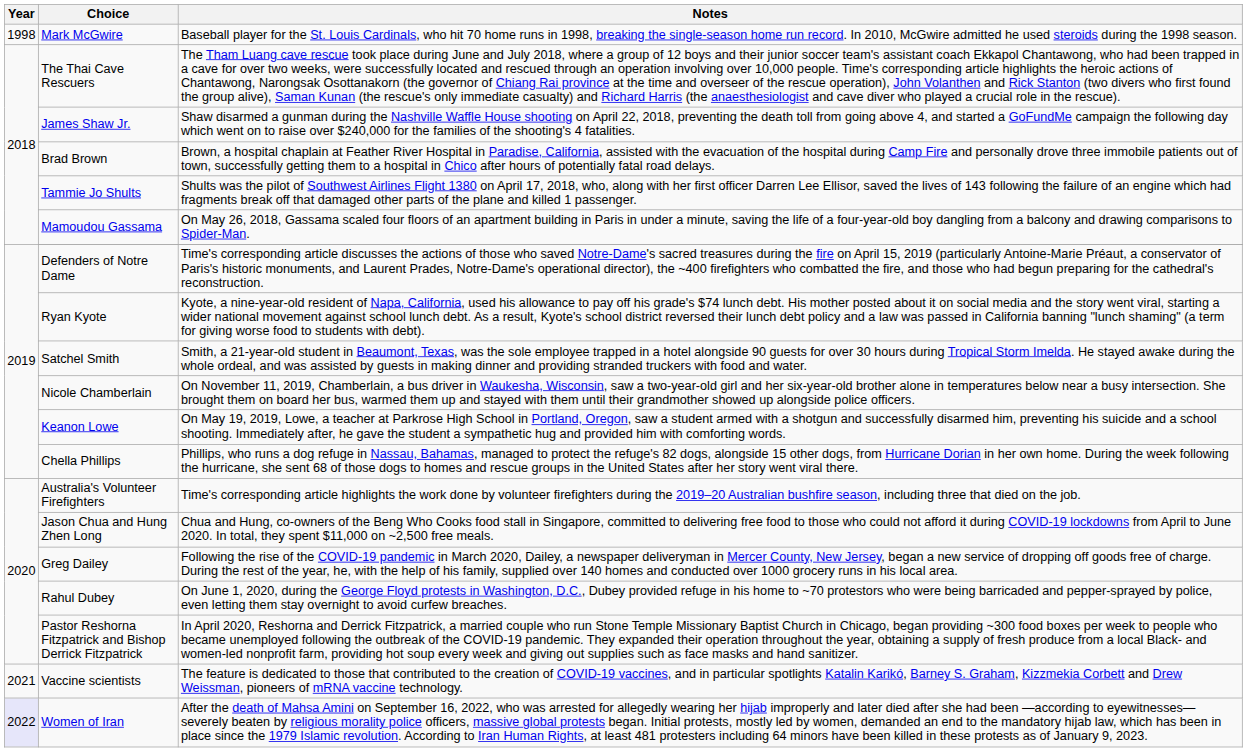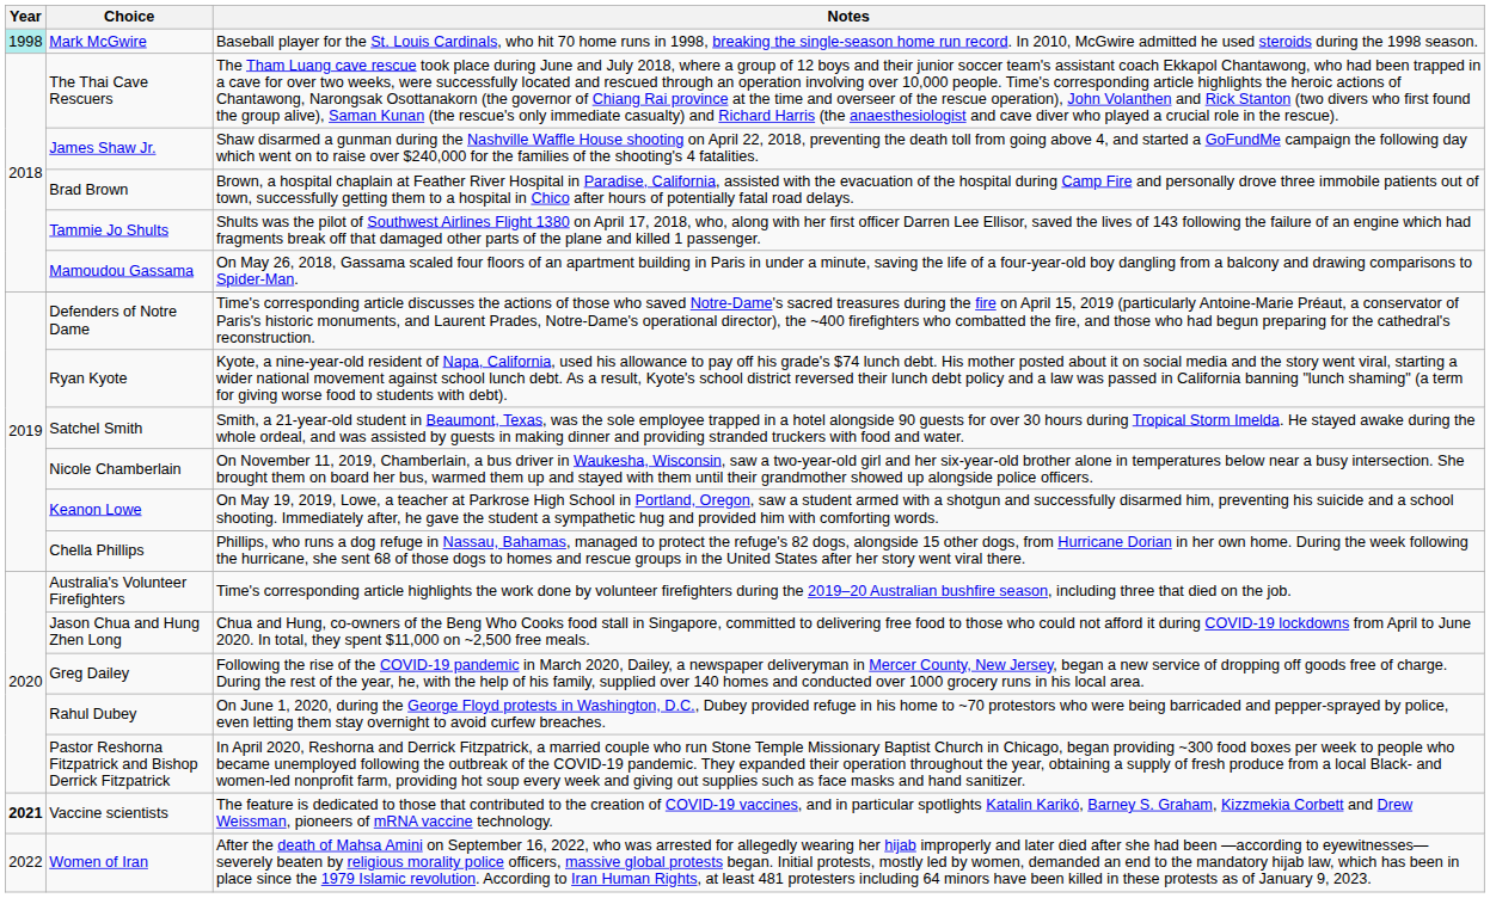 <table class="wikitable">
 <tr>
 <th>Year</th>
 <th>Choice</th>
 <th>Notes</th>
 </tr>
 <tr>
-<td>1998</td>
+<td style="background: paleturquoise;">1998</td>
 <td><a href='#'>Mark McGwire</a></td>
 <td>Baseball player for the <a href='#'>St. Louis Cardinals</a>, who hit 70 home runs in 1998, <a href='#'>breaking the single-season home run record</a>. In 2010, McGwire admitted he used <a href='#'>steroids</a> during the 1998 season.</td>
 </tr>
 <tr>
 <td rowspan="5">2018</td>
 <td>The Thai Cave Rescuers</td>
 <td>The <a href='#'>Tham Luang cave rescue</a> took place during June and July 2018, where a group of 12 boys and their junior soccer team's assistant coach Ekkapol Chantawong, who had been trapped in a cave for over two weeks, were successfully located and rescued through an operation involving over 10,000 people. Time's corresponding article highlights the heroic actions of Chantawong, Narongsak Osottanakorn (the governor of <a href='#'>Chiang Rai province</a> at the time and overseer of the rescue operation), <a href='#'>John Volanthen</a> and <a href='#'>Rick Stanton</a> (two divers who first found the group alive), <a href='#'>Saman Kunan</a> (the rescue's only immediate casualty) and <a href='#'>Richard Harris</a> (the <a href='#'>anaesthesiologist</a> and cave diver who played a crucial role in the rescue).</td>
 </tr>
 <tr>
 <td><a href='#'>James Shaw Jr.</a></td>
 <td>Shaw disarmed a gunman during the <a href='#'>Nashville Waffle House shooting</a> on April 22, 2018, preventing the death toll from going above 4, and started a <a href='#'>GoFundMe</a> campaign the following day which went on to raise over $240,000 for the families of the shooting's 4 fatalities.</td>
 </tr>
 <tr>
 <td>Brad Brown</td>
 <td>Brown, a hospital chaplain at Feather River Hospital in <a href='#'>Paradise, California</a>, assisted with the evacuation of the hospital during <a href='#'>Camp Fire</a> and personally drove three immobile patients out of town, successfully getting them to a hospital in <a href='#'>Chico</a> after hours of potentially fatal road delays.</td>
 </tr>
 <tr>
 <td><a href='#'>Tammie Jo Shults</a></td>
 <td>Shults was the pilot of <a href='#'>Southwest Airlines Flight 1380</a> on April 17, 2018, who, along with her first officer Darren Lee Ellisor, saved the lives of 143 following the failure of an engine which had fragments break off that damaged other parts of the plane and killed 1 passenger.</td>
 </tr>
 <tr>
 <td><a href='#'>Mamoudou Gassama</a></td>
 <td>On May 26, 2018, Gassama scaled four floors of an apartment building in Paris in under a minute, saving the life of a four-year-old boy dangling from a balcony and drawing comparisons to <a href='#'>Spider-Man</a>.</td>
 </tr>
 <tr>
 <td rowspan="7">2019</td>
 </tr>
 <tr>
 <td>Defenders of Notre Dame</td>
 <td>Time's corresponding article discusses the actions of those who saved <a href='#'>Notre-Dame</a>'s sacred treasures during the <a href='#'>fire</a> on April 15, 2019 (particularly Antoine-Marie Préaut, a conservator of Paris's historic monuments, and Laurent Prades, Notre-Dame's operational director), the ~400 firefighters who combatted the fire, and those who had begun preparing for the cathedral's reconstruction.</td>
 </tr>
 <tr>
 <td>Ryan Kyote</td>
 <td>Kyote, a nine-year-old resident of <a href='#'>Napa, California</a>, used his allowance to pay off his grade's $74 lunch debt. His mother posted about it on social media and the story went viral, starting a wider national movement against school lunch debt. As a result, Kyote's school district reversed their lunch debt policy and a law was passed in California banning "lunch shaming" (a term for giving worse food to students with debt).</td>
 </tr>
 <tr>
 <td>Satchel Smith</td>
 <td>Smith, a 21-year-old student in <a href='#'>Beaumont, Texas</a>, was the sole employee trapped in a hotel alongside 90 guests for over 30 hours during <a href='#'>Tropical Storm Imelda</a>. He stayed awake during the whole ordeal, and was assisted by guests in making dinner and providing stranded truckers with food and water.</td>
 </tr>
 <tr>
 <td>Nicole Chamberlain</td>
 <td>On November 11, 2019, Chamberlain, a bus driver in <a href='#'>Waukesha, Wisconsin</a>, saw a two-year-old girl and her six-year-old brother alone in temperatures below  near a busy intersection. She brought them on board her bus, warmed them up and stayed with them until their grandmother showed up alongside police officers.</td>
 </tr>
 <tr>
 <td><a href='#'>Keanon Lowe</a></td>
 <td>On May 19, 2019, Lowe, a teacher at Parkrose High School in <a href='#'>Portland, Oregon</a>, saw a student armed with a shotgun and successfully disarmed him, preventing his suicide and a school shooting. Immediately after, he gave the student a sympathetic hug and provided him with comforting words.</td>
 </tr>
 <tr>
 <td>Chella Phillips</td>
 <td>Phillips, who runs a dog refuge in <a href='#'>Nassau, Bahamas</a>, managed to protect the refuge's 82 dogs, alongside 15 other dogs, from <a href='#'>Hurricane Dorian</a> in her own home. During the week following the hurricane, she sent 68 of those dogs to homes and rescue groups in the United States after her story went viral there.</td>
 </tr>
 <tr>
 <td rowspan="5">2020</td>
 <td>Australia's Volunteer Firefighters</td>
 <td>Time's corresponding article highlights the work done by volunteer firefighters during the <a href='#'>2019–20 Australian bushfire season</a>, including three that died on the job.</td>
 </tr>
 <tr>
 <td>Jason Chua and Hung Zhen Long</td>
 <td>Chua and Hung, co-owners of the Beng Who Cooks food stall in Singapore, committed to delivering free food to those who could not afford it during <a href='#'>COVID-19 lockdowns</a> from April to June 2020. In total, they spent $11,000 on ~2,500 free meals.</td>
 </tr>
 <tr>
 <td>Greg Dailey</td>
 <td>Following the rise of the <a href='#'>COVID-19 pandemic</a> in March 2020, Dailey, a newspaper deliveryman in <a href='#'>Mercer County, New Jersey</a>, began a new service of dropping off goods free of charge. During the rest of the year, he, with the help of his family, supplied over 140 homes and conducted over 1000 grocery runs in his local area.</td>
 </tr>
 <tr>
 <td>Rahul Dubey</td>
 <td>On June 1, 2020, during the <a href='#'>George Floyd protests in Washington, D.C.</a>, Dubey provided refuge in his home to ~70 protestors who were being barricaded and pepper-sprayed by police, even letting them stay overnight to avoid curfew breaches.</td>
 </tr>
 <tr>
 <td>Pastor Reshorna Fitzpatrick and Bishop Derrick Fitzpatrick</td>
 <td>In April 2020, Reshorna and Derrick Fitzpatrick, a married couple who run Stone Temple Missionary Baptist Church in Chicago, began providing ~300 food boxes per week to people who became unemployed following the outbreak of the COVID-19 pandemic. They expanded their operation throughout the year, obtaining a supply of fresh produce from a local Black- and women-led nonprofit farm, providing hot soup every week and giving out supplies such as face masks and hand sanitizer.</td>
 </tr>
 <tr>
-<td>2021</td>
+<td><strong>2021</strong></td>
 <td>Vaccine scientists</td>
 <td>The feature is dedicated to those that contributed to the creation of <a href='#'>COVID-19 vaccines</a>, and in particular spotlights <a href='#'>Katalin Karikó</a>, <a href='#'>Barney S. Graham</a>, <a href='#'>Kizzmekia Corbett</a> and <a href='#'>Drew Weissman</a>, pioneers of <a href='#'>mRNA vaccine</a> technology.</td>
 </tr>
 <tr>
-<td style="background: lavender;">2022</td>
+<td>2022</td>
 <td><a href='#'>Women of Iran</a></td>
 <td>After the <a href='#'>death of Mahsa Amini</a> on September 16, 2022, who was arrested for allegedly wearing her <a href='#'>hijab</a> improperly and later died after she had been —according to eyewitnesses— severely beaten by <a href='#'>religious morality police</a> officers, <a href='#'>massive global protests</a> began. Initial protests, mostly led by women, demanded an end to the mandatory hijab law, which has been in place since the <a href='#'>1979 Islamic revolution</a>. According to <a href='#'>Iran Human Rights</a>, at least 481 protesters including 64 minors have been killed in these protests as of January 9, 2023.</td>
 </tr>
 </table>
